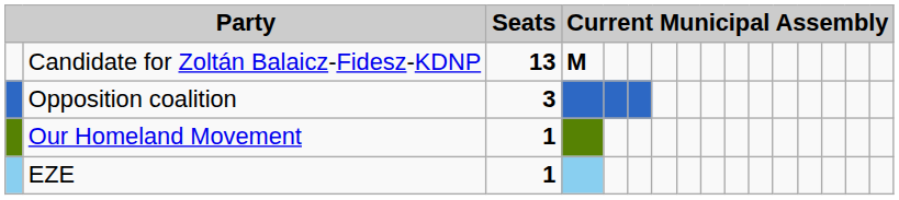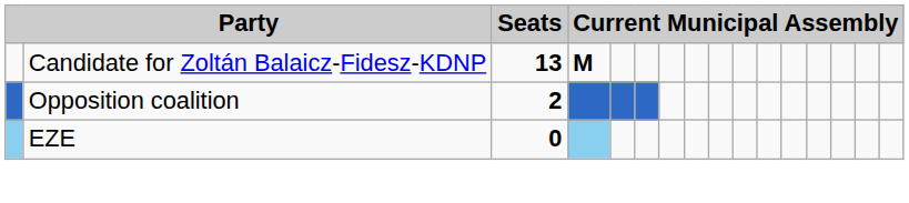 <table class="wikitable">
 <tr>
 <th style="background:#ccc" colspan="2">Party</th>
 <th style="background:#ccc">Seats</th>
 <th style="background:#ccc" colspan="13">Current Municipal Assembly</th>
 </tr>
 <tr>
 <td style="background-color: "> </td>
 <td>Candidate for <a href='#'>Zoltán Balaicz</a>-<a href='#'>Fidesz</a>-<a href='#'>KDNP</a></td>
 <td style="text-align: right"><strong>13</strong></td>
 <td style="background-color: "><span><strong>M</strong></span></td>
 <td style="background-color: "> </td>
 <td style="background-color: "> </td>
 <td style="background-color: "> </td>
 <td style="background-color: "> </td>
 <td style="background-color: "> </td>
 <td style="background-color: "> </td>
 <td style="background-color: "> </td>
 <td style="background-color: "> </td>
 <td style="background-color: "> </td>
 <td style="background-color: "> </td>
 <td style="background-color: "> </td>
 <td style="background-color: "> </td>
 </tr>
 <tr>
 <td style="background-color: #2D68C4"> </td>
 <td>Opposition coalition</td>
-<td style="text-align: right"><strong>3</strong></td>
+<td style="text-align: right"><strong>2</strong></td>
 <td style="background-color: #2D68C4"> </td>
 <td style="background-color: #2D68C4"> </td>
 <td style="background-color: #2D68C4"> </td>
 <td> </td>
 <td> </td>
 <td> </td>
 <td> </td>
 <td> </td>
 <td> </td>
 <td> </td>
 <td> </td>
 <td> </td>
 <td> </td>
 </tr>
 <tr>
-<td style="background-color: #568203"> </td>
-<td><a href='#'>Our Homeland Movement</a></td>
-<td style="text-align: right"><strong>1</strong></td>
-<td style="background-color: #568203"> </td>
-<td> </td>
-<td> </td>
-<td> </td>
-<td> </td>
-<td> </td>
-<td> </td>
-<td> </td>
-<td> </td>
-<td> </td>
-<td> </td>
-<td> </td>
-<td> </td>
-</tr>
-<tr>
 <td style="background-color: #89CFF0"> </td>
 <td>EZE</td>
-<td style="text-align: right"><strong>1</strong></td>
+<td style="text-align: right"><strong>0</strong></td>
 <td style="background-color: #89CFF0"> </td>
 <td> </td>
 <td> </td>
 <td> </td>
 <td> </td>
 <td> </td>
 <td> </td>
 <td> </td>
 <td> </td>
 <td> </td>
 <td> </td>
 <td> </td>
 <td> </td>
 </tr>
 </table>
